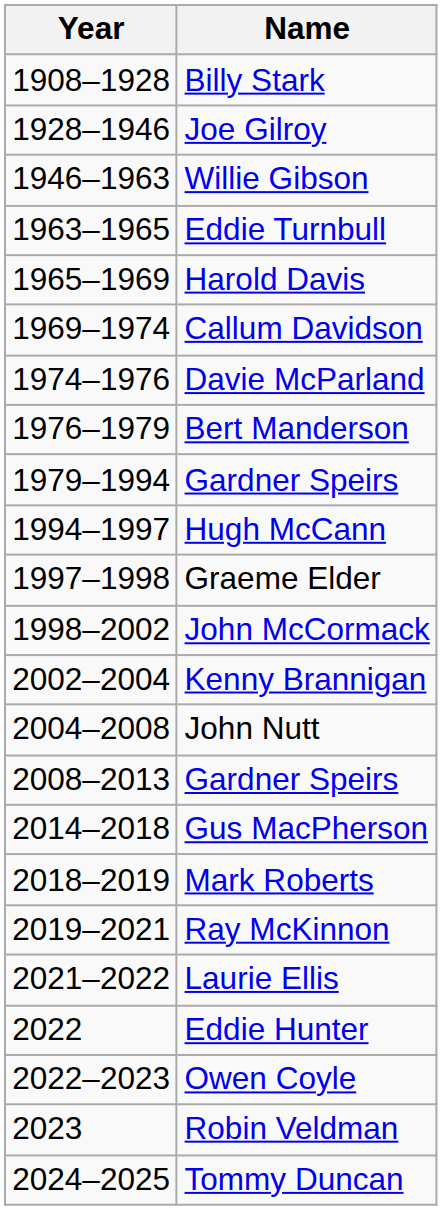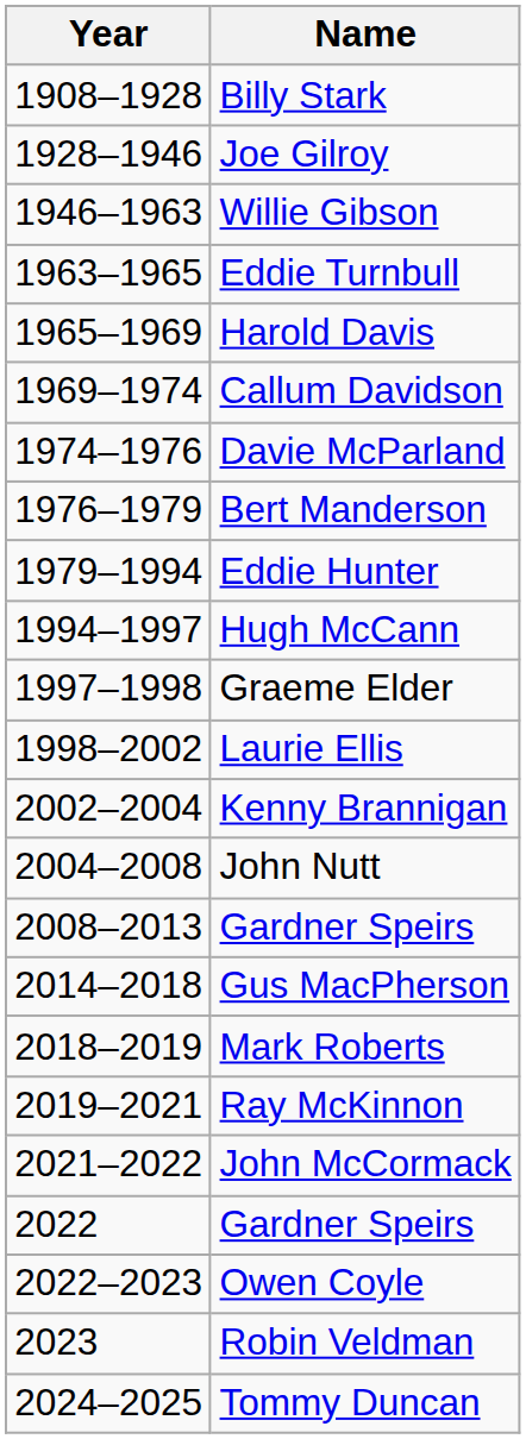 <table class="wikitable">
 <tr>
 <th>Year</th>
 <th>Name</th>
 </tr>
 <tr>
 <td>1908–1928</td>
 <td><a href='#'>Billy Stark</a></td>
 </tr>
 <tr>
 <td>1928–1946</td>
 <td><a href='#'>Joe Gilroy</a></td>
 </tr>
 <tr>
 <td>1946–1963</td>
 <td><a href='#'>Willie Gibson</a></td>
 </tr>
 <tr>
 <td>1963–1965</td>
 <td><a href='#'>Eddie Turnbull</a></td>
 </tr>
 <tr>
 <td>1965–1969</td>
 <td><a href='#'>Harold Davis</a></td>
 </tr>
 <tr>
 <td>1969–1974</td>
 <td><a href='#'>Callum Davidson</a></td>
 </tr>
 <tr>
 <td>1974–1976</td>
 <td><a href='#'>Davie McParland</a></td>
 </tr>
 <tr>
 <td>1976–1979</td>
 <td><a href='#'>Bert Manderson</a></td>
 </tr>
 <tr>
 <td>1979–1994</td>
-<td><a href='#'>Gardner Speirs</a></td>
+<td><a href='#'>Eddie Hunter</a></td>
 </tr>
 <tr>
 <td>1994–1997</td>
 <td><a href='#'>Hugh McCann</a></td>
 </tr>
 <tr>
 <td>1997–1998</td>
 <td>Graeme Elder</td>
 </tr>
 <tr>
 <td>1998–2002</td>
-<td><a href='#'>John McCormack</a></td>
+<td><a href='#'>Laurie Ellis</a></td>
 </tr>
 <tr>
 <td>2002–2004</td>
 <td><a href='#'>Kenny Brannigan</a></td>
 </tr>
 <tr>
 <td>2004–2008</td>
 <td>John Nutt</td>
 </tr>
 <tr>
 <td>2008–2013</td>
 <td><a href='#'>Gardner Speirs</a></td>
 </tr>
 <tr>
 <td>2014–2018</td>
 <td><a href='#'>Gus MacPherson</a></td>
 </tr>
 <tr>
 <td>2018–2019</td>
 <td><a href='#'>Mark Roberts</a></td>
 </tr>
 <tr>
 <td>2019–2021</td>
 <td><a href='#'>Ray McKinnon</a></td>
 </tr>
 <tr>
 <td>2021–2022</td>
-<td><a href='#'>Laurie Ellis</a></td>
+<td><a href='#'>John McCormack</a></td>
 </tr>
 <tr>
 <td>2022</td>
-<td><a href='#'>Eddie Hunter</a></td>
+<td><a href='#'>Gardner Speirs</a></td>
 </tr>
 <tr>
 <td>2022–2023</td>
 <td><a href='#'>Owen Coyle</a></td>
 </tr>
 <tr>
 <td>2023</td>
 <td><a href='#'>Robin Veldman</a></td>
 </tr>
 <tr>
 <td>2024–2025</td>
 <td><a href='#'>Tommy Duncan</a></td>
 </tr>
 </table>
